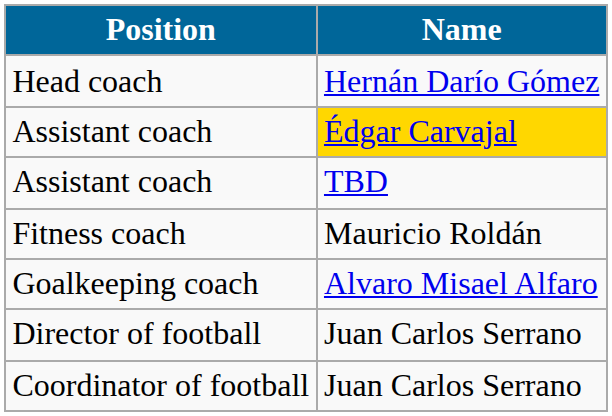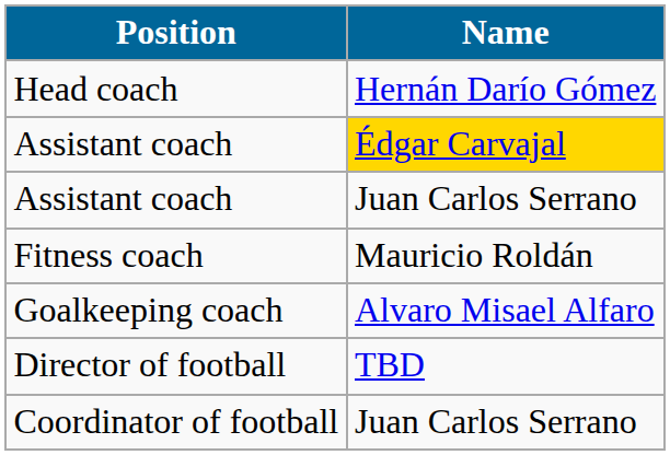 <table class="wikitable">
 <tr>
 <th style="color:#FFFFFF;background:#006699">Position</th>
 <th style="color:#FFFFFF;background:#006699">Name</th>
 </tr>
 <tr>
 <td>Head coach</td>
 <td> <a href='#'>Hernán Darío Gómez</a></td>
 </tr>
 <tr>
 <td>Assistant coach</td>
 <td style="background: gold;"> <a href='#'>Édgar Carvajal</a></td>
 </tr>
 <tr>
 <td>Assistant coach</td>
-<td> <a href='#'>TBD</a></td>
+<td> Juan Carlos Serrano</td>
 </tr>
 <tr>
 <td>Fitness coach</td>
 <td> Mauricio Roldán</td>
 </tr>
 <tr>
 <td>Goalkeeping coach</td>
 <td> <a href='#'>Alvaro Misael Alfaro</a></td>
 </tr>
 <tr>
 <td>Director of football</td>
-<td> Juan Carlos Serrano</td>
+<td> <a href='#'>TBD</a></td>
 </tr>
 <tr>
 <td>Coordinator of football</td>
 <td> Juan Carlos Serrano</td>
 </tr>
 <tr>
 </tr>
 </table>
